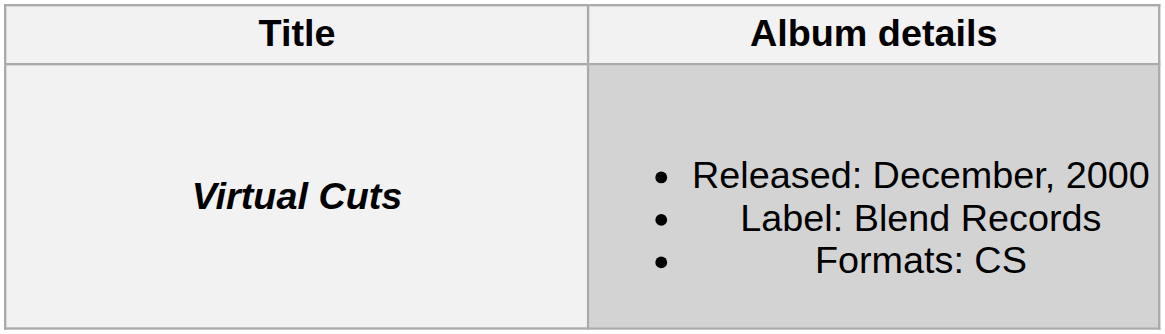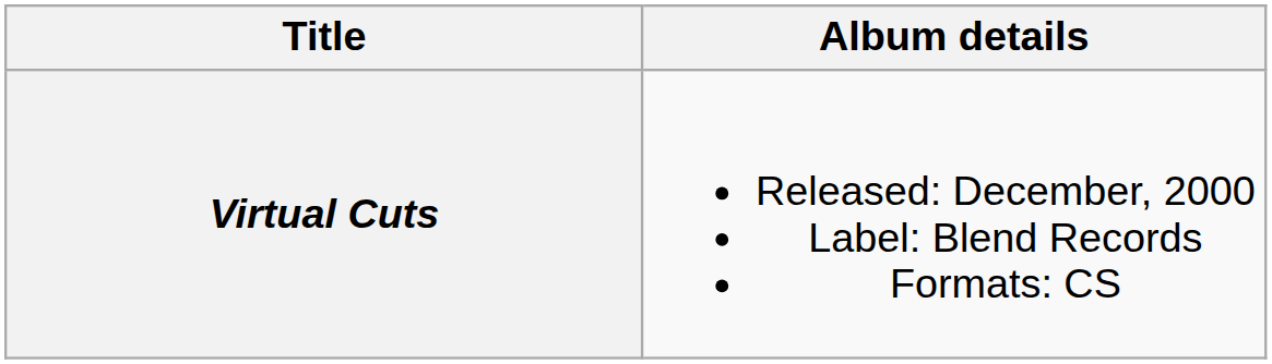 <table class="wikitable plainrowheaders" style="text-align:center;">
 <tr>
 <th scope="col" style="width:15em;">Title</th>
 <th scope="col">Album details</th>
 </tr>
 <tr>
 <th scope="row"><em>Virtual Cuts</em></th>
-<td style="background: lightgrey;"><br><ul><li>Released: December, 2000</li><li>Label: Blend Records</li><li>Formats: CS</li></ul></td>
+<td><br><ul><li>Released: December, 2000</li><li>Label: Blend Records</li><li>Formats: CS</li></ul></td>
 </tr>
 </table>
